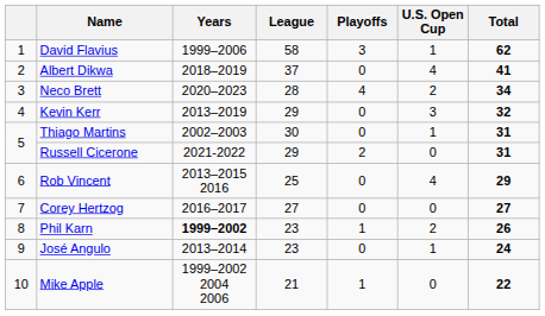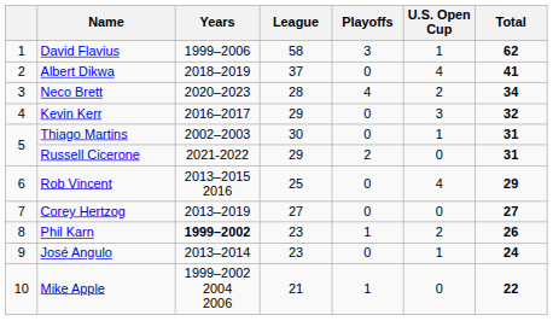 <table class="wikitable sortable" style="text-align:center;">
 <tr>
 <th style="width: 2em;"></th>
 <th style="width: 10em;">Name</th>
 <th style="width: 6em;">Years</th>
 <th style="width: 5em;">League</th>
 <th style="width: 5em;">Playoffs</th>
 <th style="width: 5em;">U.S. Open Cup</th>
 <th style="width: 5em;">Total</th>
 </tr>
 <tr>
 <td>1</td>
 <td style="text-align:left;"> <a href='#'>David Flavius</a></td>
 <td>1999–2006</td>
 <td>58</td>
 <td>3</td>
 <td>1</td>
 <td><strong>62</strong></td>
 </tr>
 <tr>
 <td>2</td>
 <td style="text-align:left;"> <a href='#'>Albert Dikwa</a></td>
 <td>2018–2019</td>
 <td>37</td>
 <td>0</td>
 <td>4</td>
 <td><strong>41</strong></td>
 </tr>
 <tr>
 <td>3</td>
 <td style="text-align:left;"> <a href='#'>Neco Brett</a></td>
 <td>2020–2023</td>
 <td>28</td>
 <td>4</td>
 <td>2</td>
 <td><strong>34</strong></td>
 </tr>
 <tr>
 <td>4</td>
 <td style="text-align:left;"> <a href='#'>Kevin Kerr</a></td>
-<td>2013–2019</td>
+<td>2016–2017</td>
 <td>29</td>
 <td>0</td>
 <td>3</td>
 <td><strong>32</strong></td>
 </tr>
 <tr>
 <td rowspan=2>5</td>
 <td style="text-align:left;"> <a href='#'>Thiago Martins</a></td>
 <td>2002–2003</td>
 <td>30</td>
 <td>0</td>
 <td>1</td>
 <td><strong>31</strong></td>
 </tr>
 <tr>
 <td style="text-align:left;"> <a href='#'>Russell Cicerone</a></td>
 <td>2021-2022</td>
 <td>29</td>
 <td>2</td>
 <td>0</td>
 <td><strong>31</strong></td>
 </tr>
 <tr>
 <td>6</td>
 <td style="text-align:left;"> <a href='#'>Rob Vincent</a></td>
 <td>2013–2015<br>2016</td>
 <td>25</td>
 <td>0</td>
 <td>4</td>
 <td><strong>29</strong></td>
 </tr>
 <tr>
 <td>7</td>
 <td style="text-align:left;"> <a href='#'>Corey Hertzog</a></td>
-<td>2016–2017</td>
+<td>2013–2019</td>
 <td>27</td>
 <td>0</td>
 <td>0</td>
 <td><strong>27</strong></td>
 </tr>
 <tr>
 <td>8</td>
 <td style="text-align:left;"> <a href='#'>Phil Karn</a></td>
 <td><strong>1999–2002</strong></td>
 <td>23</td>
 <td>1</td>
 <td>2</td>
 <td><strong>26</strong></td>
 </tr>
 <tr>
 <td>9</td>
 <td style="text-align:left;"> <a href='#'>José Angulo</a></td>
 <td>2013–2014</td>
 <td>23</td>
 <td>0</td>
 <td>1</td>
 <td><strong>24</strong></td>
 </tr>
 <tr>
 <td>10</td>
 <td style="text-align:left;"> <a href='#'>Mike Apple</a></td>
 <td>1999–2002<br>2004<br>2006</td>
 <td>21</td>
 <td>1</td>
 <td>0</td>
 <td><strong>22</strong></td>
 </tr>
 </table>
